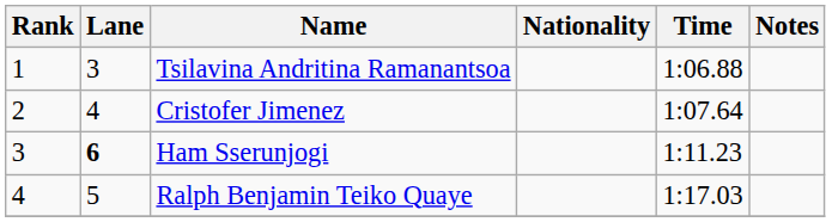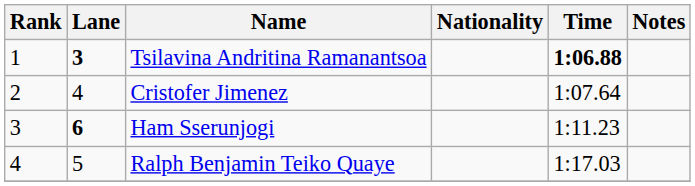 <table class="wikitable">
 <tr>
 <th>Rank</th>
 <th>Lane</th>
 <th>Name</th>
 <th>Nationality</th>
 <th>Time</th>
 <th>Notes</th>
 </tr>
 <tr>
 <td>1</td>
-<td>3</td>
+<td><strong>3</strong></td>
 <td><a href='#'>Tsilavina Andritina Ramanantsoa</a></td>
 <td></td>
-<td>1:06.88</td>
+<td><strong>1:06.88</strong></td>
 <td></td>
 </tr>
 <tr>
 <td>2</td>
 <td>4</td>
 <td><a href='#'>Cristofer Jimenez</a></td>
 <td></td>
 <td>1:07.64</td>
 <td></td>
 </tr>
 <tr>
 <td>3</td>
 <td><strong>6</strong></td>
 <td><a href='#'>Ham Sserunjogi</a></td>
 <td></td>
 <td>1:11.23</td>
 <td></td>
 </tr>
 <tr>
 <td>4</td>
 <td>5</td>
 <td><a href='#'>Ralph Benjamin Teiko Quaye</a></td>
 <td></td>
 <td>1:17.03</td>
 <td></td>
 </tr>
 <tr>
 </tr>
 </table>
